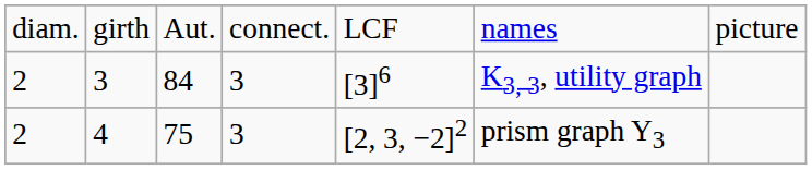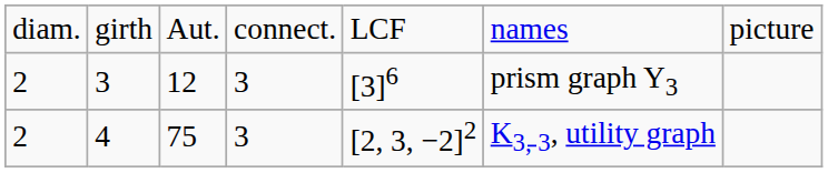 <table class="wikitable">
 <tr>
 <td>diam.</td>
 <td>girth</td>
 <td>Aut.</td>
 <td>connect.</td>
 <td>LCF</td>
 <td><a href='#'>names</a></td>
 <td>picture</td>
 </tr>
 <tr>
 <td>2</td>
 <td>3</td>
-<td>84</td>
+<td>12</td>
 <td>3</td>
 <td>[3]<sup>6</sup></td>
-<td><a href='#'>K<sub>3, 3</sub></a>,  <a href='#'>utility graph</a></td>
+<td>prism graph Y<sub>3</sub></td>
 <td></td>
 </tr>
 <tr>
 <td>2</td>
 <td>4</td>
 <td>75</td>
 <td>3</td>
 <td>[2, 3, −2]<sup>2</sup></td>
-<td>prism graph Y<sub>3</sub></td>
+<td><a href='#'>K<sub>3, 3</sub></a>,  <a href='#'>utility graph</a></td>
 <td></td>
 </tr>
 </table>
